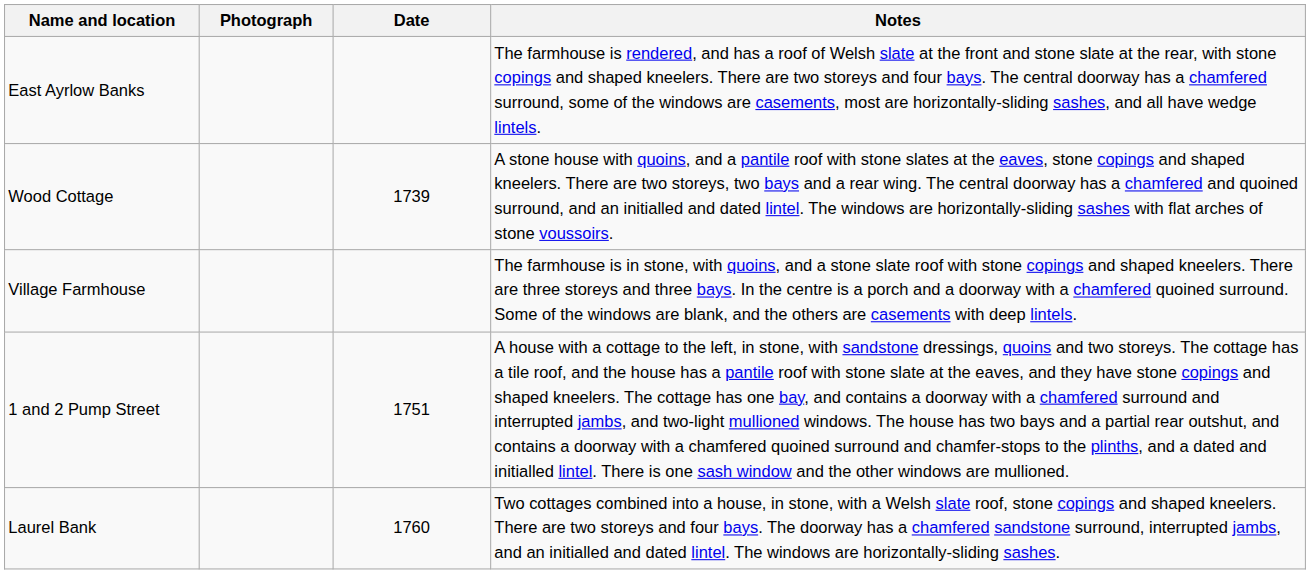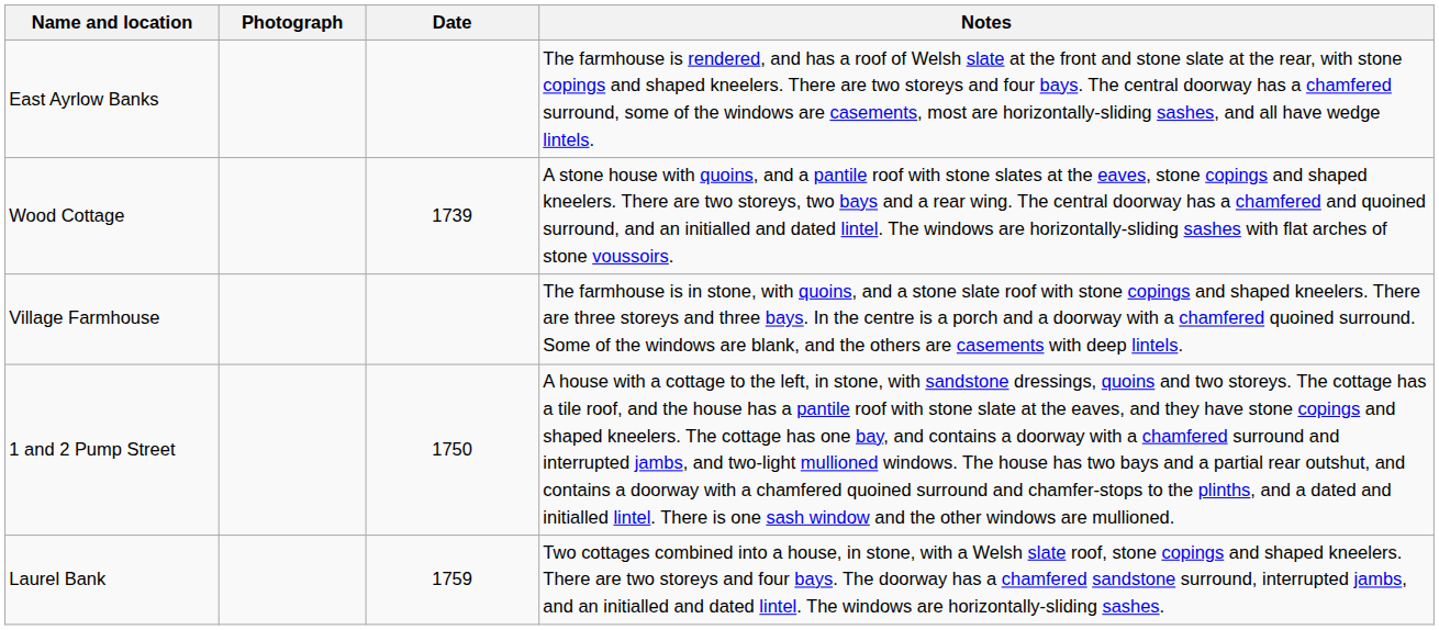 <table class="wikitable sortable plainrowheaders" style="width:100%;border:0px;text-align:left;line-height:150%;">
 <tr>
 <th scope="col"  style="width:150px">Name and location</th>
 <th scope="col"  style="width:100px" class="unsortable">Photograph</th>
 <th scope="col"  style="width:120px">Date</th>
 <th scope="col"  style="width:650px" class ="unsortable">Notes</th>
 </tr>
 <tr>
 <td>East Ayrlow Banks<br><small></small></td>
 <td></td>
 <td align="center"></td>
 <td>The farmhouse is <a href='#'>rendered</a>, and has a roof of Welsh <a href='#'>slate</a> at the front and stone slate at the rear, with stone <a href='#'>copings</a> and shaped kneelers.  There are two storeys and four <a href='#'>bays</a>.  The central doorway has a <a href='#'>chamfered</a> surround, some of the windows are <a href='#'>casements</a>, most are horizontally-sliding <a href='#'>sashes</a>, and all have wedge <a href='#'>lintels</a>.</td>
 </tr>
 <tr>
 <td>Wood Cottage<br><small></small></td>
 <td></td>
 <td align="center">1739</td>
 <td>A stone house with <a href='#'>quoins</a>, and a <a href='#'>pantile</a> roof with stone slates at the <a href='#'>eaves</a>, stone <a href='#'>copings</a> and shaped kneelers.  There are two storeys, two <a href='#'>bays</a> and a rear wing.  The central doorway has a <a href='#'>chamfered</a> and quoined surround, and an initialled and dated <a href='#'>lintel</a>.  The windows are horizontally-sliding <a href='#'>sashes</a> with flat arches of stone <a href='#'>voussoirs</a>.</td>
 </tr>
 <tr>
 <td>Village Farmhouse<br><small></small></td>
 <td></td>
 <td align="center"></td>
 <td>The farmhouse is in stone, with <a href='#'>quoins</a>, and a stone slate roof with stone <a href='#'>copings</a> and shaped kneelers.  There are three storeys and three <a href='#'>bays</a>.  In the centre is a porch and a doorway with a <a href='#'>chamfered</a> quoined surround.  Some of the windows are blank, and the others are <a href='#'>casements</a> with deep <a href='#'>lintels</a>.</td>
 </tr>
 <tr>
 <td>1 and 2 Pump Street<br><small></small></td>
 <td></td>
-<td align="center">1751</td>
+<td align="center">1750</td>
 <td>A house with a cottage to the left, in stone, with <a href='#'>sandstone</a> dressings, <a href='#'>quoins</a> and two storeys.  The cottage has a tile roof, and the house has a <a href='#'>pantile</a> roof with stone slate at the eaves, and they have stone <a href='#'>copings</a> and shaped kneelers.  The cottage has one <a href='#'>bay</a>, and contains a doorway with a <a href='#'>chamfered</a> surround and interrupted <a href='#'>jambs</a>, and two-light <a href='#'>mullioned</a> windows.  The house has two bays and a partial rear outshut, and contains a doorway with a chamfered quoined surround and chamfer-stops to the <a href='#'>plinths</a>, and a dated and initialled <a href='#'>lintel</a>.  There is one <a href='#'>sash window</a> and the other windows are mullioned.</td>
 </tr>
 <tr>
 <td>Laurel Bank<br><small></small></td>
 <td></td>
-<td align="center">1760</td>
+<td align="center">1759</td>
 <td>Two cottages combined into a house, in stone, with a Welsh <a href='#'>slate</a> roof, stone <a href='#'>copings</a> and shaped kneelers.  There are two storeys and four <a href='#'>bays</a>.  The doorway has a <a href='#'>chamfered</a> <a href='#'>sandstone</a> surround, interrupted <a href='#'>jambs</a>, and an initialled and dated <a href='#'>lintel</a>.  The windows are horizontally-sliding <a href='#'>sashes</a>.</td>
 </tr>
 <tr>
 </tr>
 </table>
